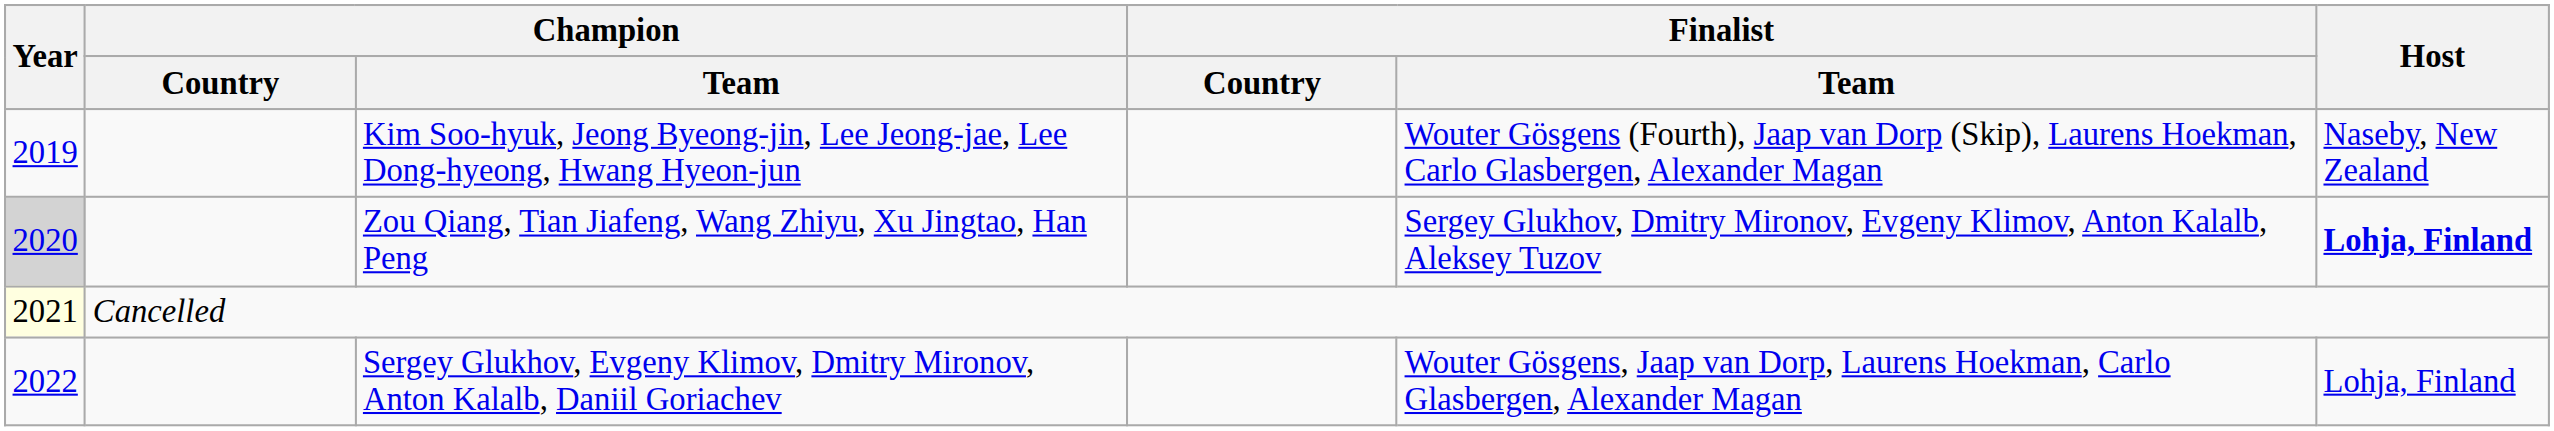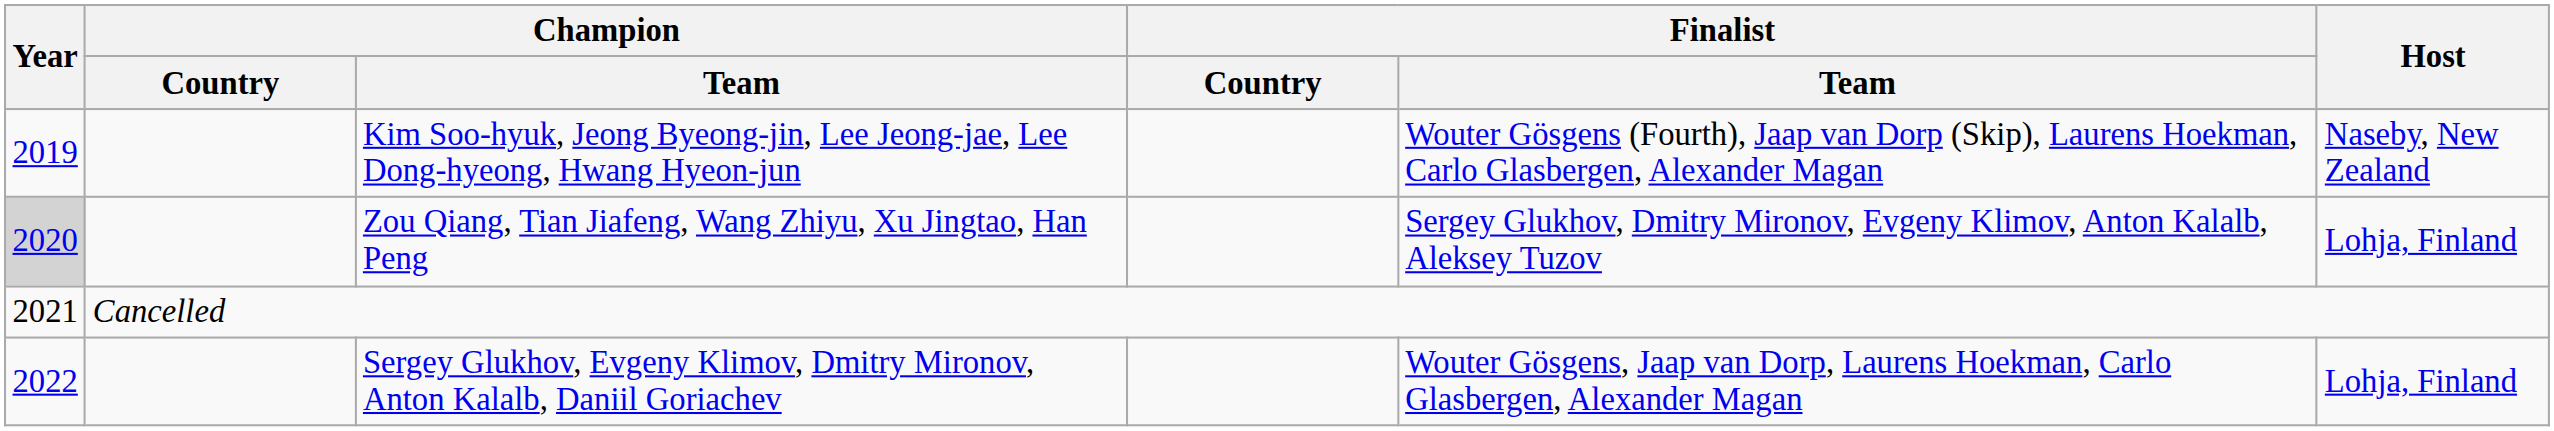 <table class="wikitable">
 <tr>
 <th rowspan="2">Year</th>
 <th colspan="2">Champion</th>
 <th colspan="2">Finalist</th>
 <th rowspan="2">Host</th>
 </tr>
 <tr>
 <th width=125px>Country</th>
 <th>Team</th>
 <th width=125px>Country</th>
 <th>Team</th>
 </tr>
 <tr>
 <td><a href='#'>2019</a></td>
 <td></td>
 <td><a href='#'>Kim Soo-hyuk</a>, <a href='#'>Jeong Byeong-jin</a>, <a href='#'>Lee Jeong-jae</a>, <a href='#'>Lee Dong-hyeong</a>, <a href='#'>Hwang Hyeon-jun</a></td>
 <td></td>
 <td><a href='#'>Wouter Gösgens</a> (Fourth), <a href='#'>Jaap van Dorp</a> (Skip), <a href='#'>Laurens Hoekman</a>, <a href='#'>Carlo Glasbergen</a>, <a href='#'>Alexander Magan</a></td>
 <td><a href='#'>Naseby</a>, <a href='#'>New Zealand</a></td>
 </tr>
 <tr>
 <td style="background: lightgrey;"><a href='#'>2020</a></td>
 <td></td>
 <td><a href='#'>Zou Qiang</a>, <a href='#'>Tian Jiafeng</a>, <a href='#'>Wang Zhiyu</a>, <a href='#'>Xu Jingtao</a>, <a href='#'>Han Peng</a></td>
 <td></td>
 <td><a href='#'>Sergey Glukhov</a>, <a href='#'>Dmitry Mironov</a>, <a href='#'>Evgeny Klimov</a>, <a href='#'>Anton Kalalb</a>, <a href='#'>Aleksey Tuzov</a></td>
-<td><strong><a href='#'>Lohja, Finland</a></strong></td>
+<td><a href='#'>Lohja, Finland</a></td>
 </tr>
 <tr>
-<td style="background: lightyellow;">2021</td>
+<td>2021</td>
 <td colspan="5"><em>Cancelled</em></td>
 </tr>
 <tr>
 <td><a href='#'>2022</a></td>
 <td></td>
 <td><a href='#'>Sergey Glukhov</a>, <a href='#'>Evgeny Klimov</a>, <a href='#'>Dmitry Mironov</a>, <a href='#'>Anton Kalalb</a>, <a href='#'>Daniil Goriachev</a></td>
 <td></td>
 <td><a href='#'>Wouter Gösgens</a>, <a href='#'>Jaap van Dorp</a>, <a href='#'>Laurens Hoekman</a>, <a href='#'>Carlo Glasbergen</a>, <a href='#'>Alexander Magan</a></td>
 <td><a href='#'>Lohja, Finland</a></td>
 </tr>
 </table>
